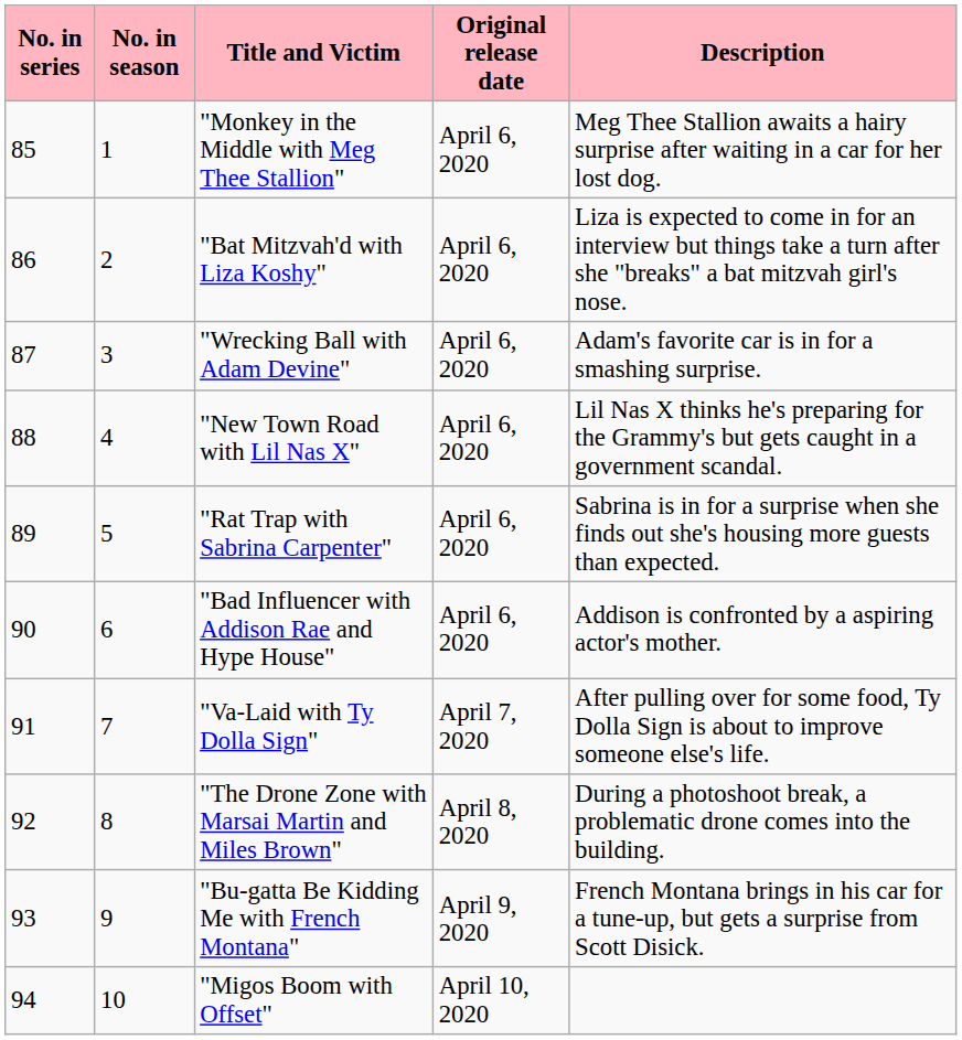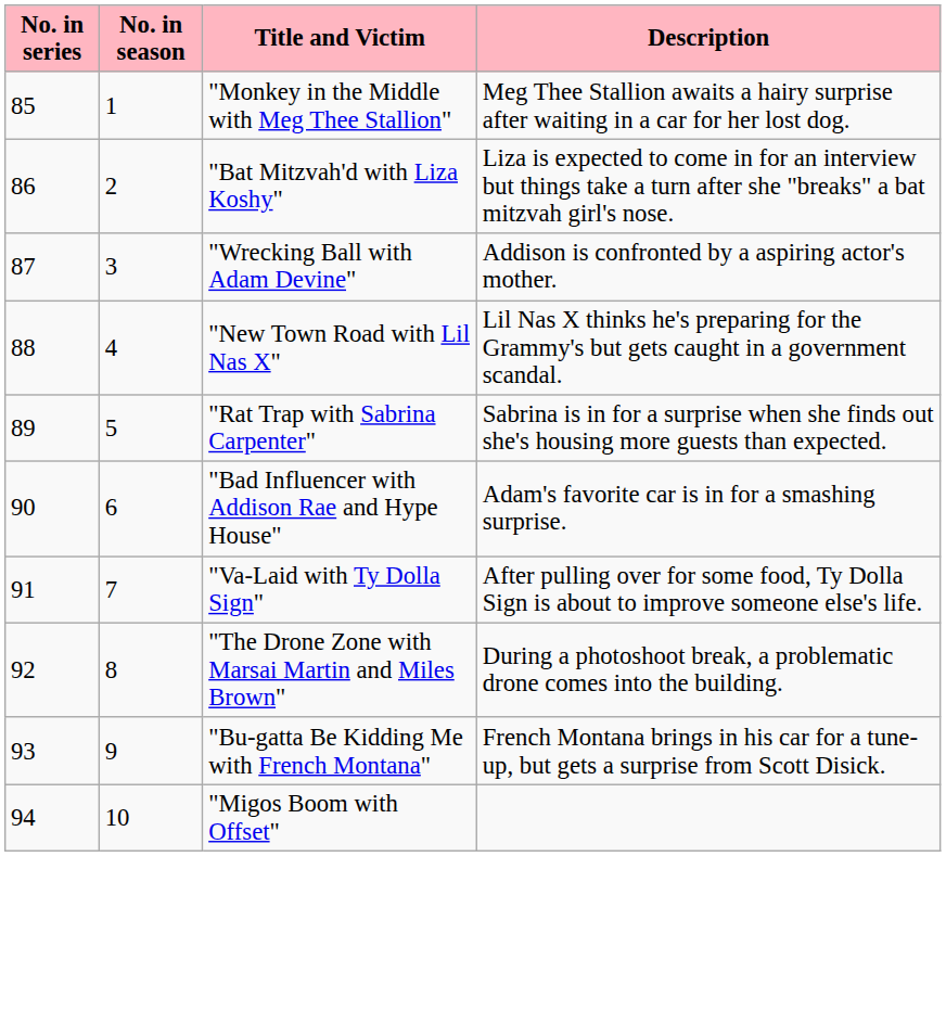 <table class="wikitable">
 <tr>
 <th style="background:#FFB6C1;">No. in series</th>
 <th style="background:#FFB6C1;">No. in season</th>
 <th style="background:#FFB6C1;">Title and Victim</th>
-<th style="background:#FFB6C1;">Original release date</th>
 <th style="background:#FFB6C1;">Description</th>
 </tr>
 <tr>
 <td>85</td>
 <td>1</td>
 <td>"Monkey in the Middle with <a href='#'>Meg Thee Stallion</a>"</td>
-<td>April 6, 2020</td>
 <td>Meg Thee Stallion awaits a hairy surprise after waiting in a car for her lost dog.</td>
 </tr>
 <tr>
 <td>86</td>
 <td>2</td>
 <td>"Bat Mitzvah'd with <a href='#'>Liza Koshy</a>"</td>
-<td>April 6, 2020</td>
 <td>Liza is expected to come in for an interview but things take a turn after she "breaks" a bat mitzvah girl's nose.</td>
 </tr>
 <tr>
 <td>87</td>
 <td>3</td>
 <td>"Wrecking Ball with <a href='#'>Adam Devine</a>"</td>
-<td>April 6, 2020</td>
-<td>Adam's favorite car is in for a smashing surprise.</td>
+<td>Addison is confronted by a aspiring actor's mother.</td>
 </tr>
 <tr>
 <td>88</td>
 <td>4</td>
 <td>"New Town Road with <a href='#'>Lil Nas X</a>"</td>
-<td>April 6, 2020</td>
 <td>Lil Nas X thinks he's preparing for the Grammy's but gets caught in a government scandal.</td>
 </tr>
 <tr>
 <td>89</td>
 <td>5</td>
 <td>"Rat Trap with <a href='#'>Sabrina Carpenter</a>"</td>
-<td>April 6, 2020</td>
 <td>Sabrina is in for a surprise when she finds out she's housing more guests than expected.</td>
 </tr>
 <tr>
 <td>90</td>
 <td>6</td>
 <td>"Bad Influencer with <a href='#'>Addison Rae</a> and Hype House"</td>
-<td>April 6, 2020</td>
-<td>Addison is confronted by a aspiring actor's mother.</td>
+<td>Adam's favorite car is in for a smashing surprise.</td>
 </tr>
 <tr>
 <td>91</td>
 <td>7</td>
 <td>"Va-Laid with <a href='#'>Ty Dolla Sign</a>"</td>
-<td>April 7, 2020</td>
 <td>After pulling over for some food, Ty Dolla Sign is about to improve someone else's life.</td>
 </tr>
 <tr>
 <td>92</td>
 <td>8</td>
 <td>"The Drone Zone with <a href='#'>Marsai Martin</a> and <a href='#'>Miles Brown</a>"</td>
-<td>April 8, 2020</td>
 <td>During a photoshoot break, a problematic drone comes into the building.</td>
 </tr>
 <tr>
 <td>93</td>
 <td>9</td>
 <td>"Bu-gatta Be Kidding Me with <a href='#'>French Montana</a>"</td>
-<td>April 9, 2020</td>
 <td>French Montana brings in his car for a tune-up, but gets a surprise from Scott Disick.</td>
 </tr>
 <tr>
 <td>94</td>
 <td>10</td>
 <td>"Migos Boom with <a href='#'>Offset</a>"</td>
-<td>April 10, 2020</td>
 <td></td>
 </tr>
 </table>
